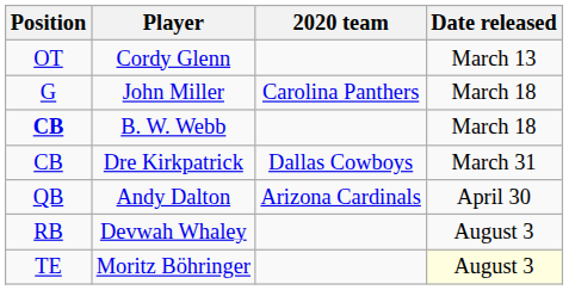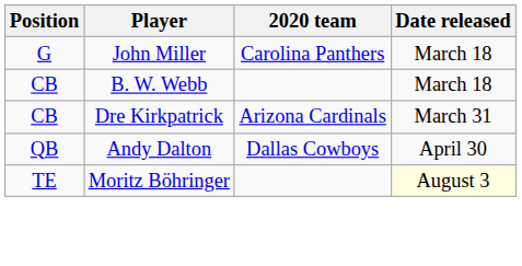 <table class="wikitable" style="text-align:center">
 <tr>
 <th>Position</th>
 <th>Player</th>
 <th>2020 team</th>
 <th>Date released</th>
 </tr>
 <tr>
-<td><a href='#'>OT</a></td>
-<td><a href='#'>Cordy Glenn</a></td>
-<td></td>
-<td>March 13</td>
-</tr>
-<tr>
 <td><a href='#'>G</a></td>
 <td><a href='#'>John Miller</a></td>
 <td><a href='#'>Carolina Panthers</a></td>
 <td>March 18</td>
 </tr>
 <tr>
-<td><strong><a href='#'>CB</a></strong></td>
+<td><a href='#'>CB</a></td>
 <td><a href='#'>B. W. Webb</a></td>
 <td></td>
 <td>March 18</td>
 </tr>
 <tr>
 <td><a href='#'>CB</a></td>
 <td><a href='#'>Dre Kirkpatrick</a></td>
-<td><a href='#'>Dallas Cowboys</a></td>
+<td><a href='#'>Arizona Cardinals</a></td>
 <td>March 31</td>
 </tr>
 <tr>
 <td><a href='#'>QB</a></td>
 <td><a href='#'>Andy Dalton</a></td>
-<td><a href='#'>Arizona Cardinals</a></td>
+<td><a href='#'>Dallas Cowboys</a></td>
 <td>April 30</td>
-</tr>
-<tr>
-<td><a href='#'>RB</a></td>
-<td><a href='#'>Devwah Whaley</a></td>
-<td></td>
-<td>August 3</td>
 </tr>
 <tr>
 <td><a href='#'>TE</a></td>
 <td><a href='#'>Moritz Böhringer</a></td>
 <td></td>
 <td style="background: lightyellow;">August 3</td>
 </tr>
 </table>
